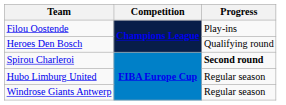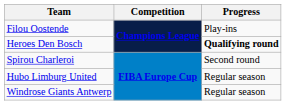 <table class="wikitable sortable">
 <tr>
 <th>Team</th>
 <th>Competition</th>
 <th>Progress</th>
 </tr>
 <tr>
 <td><a href='#'>Filou Oostende</a></td>
 <td rowspan="2" style="background-color:#071D49;color:#D0D3D4;text-align:center"><strong><a href='#'><span>Champions League</span></a></strong></td>
 <td>Play-ins</td>
 </tr>
 <tr>
 <td><a href='#'>Heroes Den Bosch</a></td>
-<td>Qualifying round</td>
+<td><strong>Qualifying round</strong></td>
 </tr>
 <tr>
 <td><a href='#'>Spirou Charleroi</a></td>
 <td rowspan="3" style="background-color:#0080C8;color:#D0D3D4;text-align:center"><strong><a href='#'><span>FIBA Europe Cup</span></a></strong></td>
-<td><strong>Second round</strong></td>
+<td>Second round</td>
 </tr>
 <tr>
 <td><a href='#'>Hubo Limburg United</a></td>
 <td>Regular season</td>
 </tr>
 <tr>
 <td> <a href='#'>Windrose Giants Antwerp</a></td>
 <td>Regular season</td>
 </tr>
 </table>
